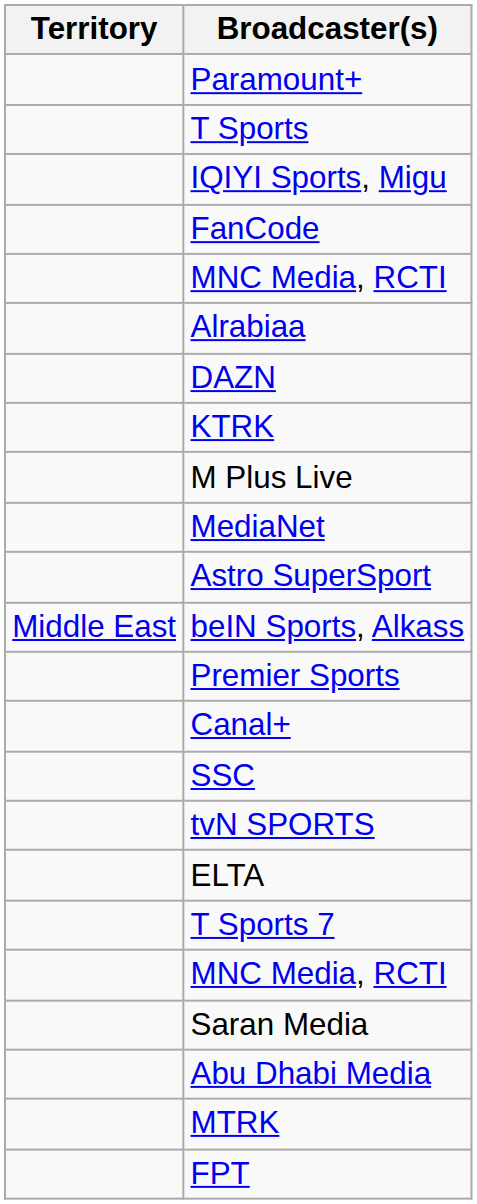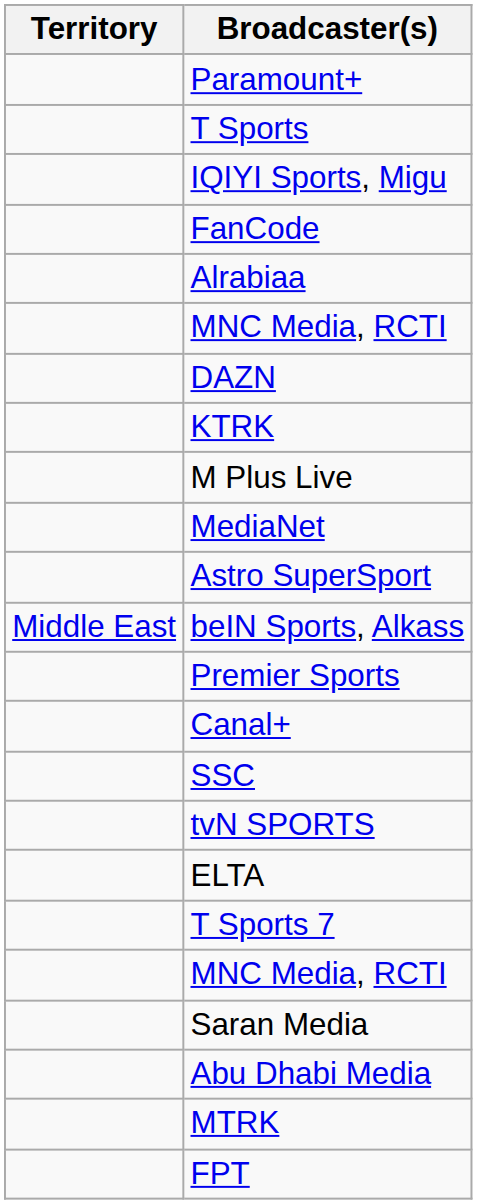 <table class="wikitable sortable">
 <tr>
 <th>Territory</th>
 <th>Broadcaster(s)</th>
 </tr>
 <tr>
 <td></td>
 <td><a href='#'>Paramount+</a></td>
 </tr>
 <tr>
 <td></td>
 <td><a href='#'>T Sports</a></td>
 </tr>
 <tr>
 <td></td>
 <td><a href='#'>IQIYI Sports</a>, <a href='#'>Migu</a></td>
 </tr>
 <tr>
 <td></td>
 <td><a href='#'>FanCode</a></td>
 </tr>
 <tr>
 <td></td>
-<td><a href='#'>MNC Media</a>, <a href='#'>RCTI</a></td>
+<td><a href='#'>Alrabiaa</a></td>
 </tr>
 <tr>
 <td></td>
-<td><a href='#'>Alrabiaa</a></td>
+<td><a href='#'>MNC Media</a>, <a href='#'>RCTI</a></td>
 </tr>
 <tr>
 <td></td>
 <td><a href='#'>DAZN</a></td>
 </tr>
 <tr>
 <td></td>
 <td><a href='#'>KTRK</a></td>
 </tr>
 <tr>
 <td></td>
 <td>M Plus Live</td>
 </tr>
 <tr>
 <td></td>
 <td><a href='#'>MediaNet</a></td>
 </tr>
 <tr>
 <td></td>
 <td><a href='#'>Astro SuperSport</a></td>
 </tr>
 <tr>
 <td><a href='#'>Middle East</a></td>
 <td><a href='#'>beIN Sports</a>, <a href='#'>Alkass</a></td>
 </tr>
 <tr>
 <td></td>
 <td><a href='#'>Premier Sports</a></td>
 </tr>
 <tr>
 <td></td>
 <td><a href='#'>Canal+</a></td>
 </tr>
 <tr>
 <td></td>
 <td><a href='#'>SSC</a></td>
 </tr>
 <tr>
 <td></td>
 <td><a href='#'>tvN SPORTS</a></td>
 </tr>
 <tr>
 <td></td>
 <td>ELTA</td>
 </tr>
 <tr>
 <td></td>
 <td><a href='#'>T Sports 7</a></td>
 </tr>
 <tr>
 <td></td>
 <td><a href='#'>MNC Media</a>, <a href='#'>RCTI</a></td>
 </tr>
 <tr>
 <td></td>
 <td>Saran Media</td>
 </tr>
 <tr>
 <td></td>
 <td><a href='#'>Abu Dhabi Media</a></td>
 </tr>
 <tr>
 <td></td>
 <td><a href='#'>MTRK</a></td>
 </tr>
 <tr>
 <td></td>
 <td><a href='#'>FPT</a></td>
 </tr>
 </table>
